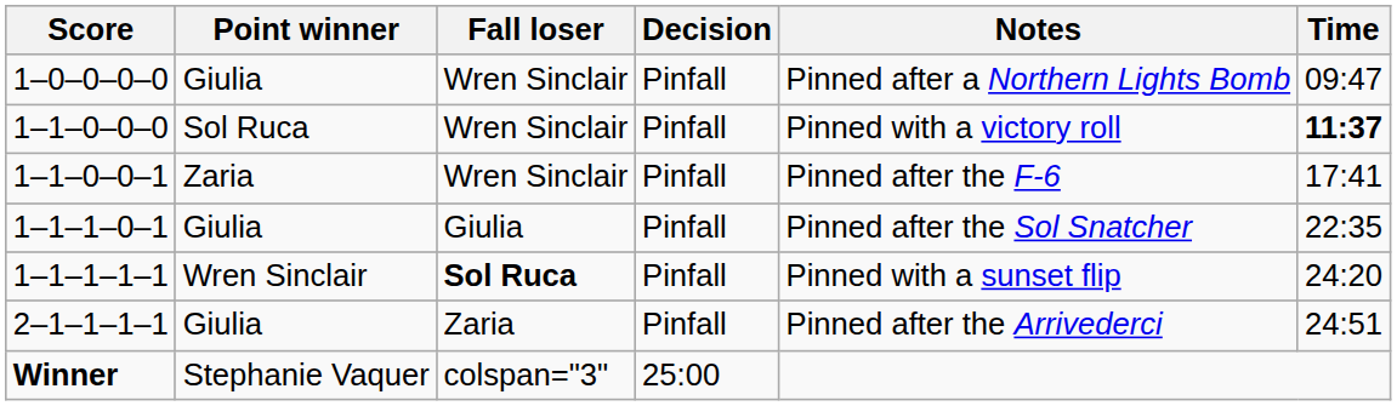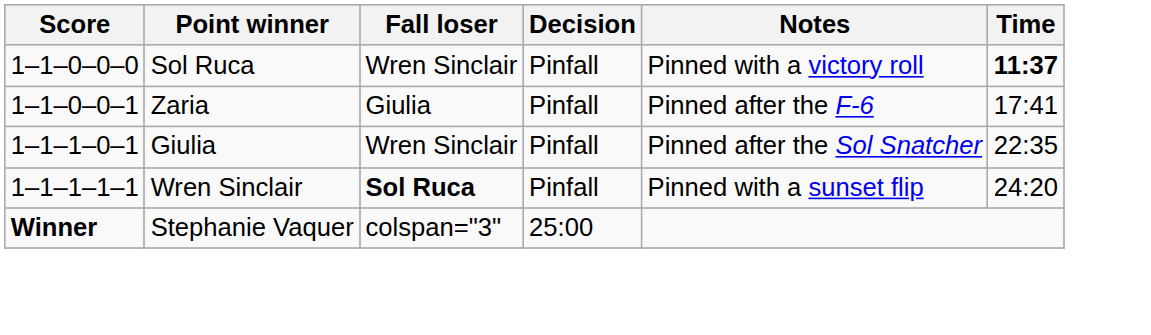 <table class="wikitable">
 <tr>
 <th>Score</th>
 <th>Point winner</th>
 <th>Fall loser</th>
 <th>Decision</th>
 <th>Notes</th>
 <th>Time</th>
-</tr>
-<tr>
-<td>1–0–0–0–0</td>
-<td>Giulia</td>
-<td>Wren Sinclair</td>
-<td>Pinfall</td>
-<td>Pinned after a <em><a href='#'>Northern Lights Bomb</a></em></td>
-<td>09:47</td>
 </tr>
 <tr>
 <td>1–1–0–0–0</td>
 <td>Sol Ruca</td>
 <td>Wren Sinclair</td>
 <td>Pinfall</td>
 <td>Pinned with a <a href='#'>victory roll</a></td>
 <td><strong>11:37</strong></td>
 </tr>
 <tr>
 <td>1–1–0–0–1</td>
 <td>Zaria</td>
-<td>Wren Sinclair</td>
+<td>Giulia</td>
 <td>Pinfall</td>
 <td>Pinned after the <em><a href='#'>F-6</a></em></td>
 <td>17:41</td>
 </tr>
 <tr>
 <td>1–1–1–0–1</td>
 <td>Giulia</td>
-<td>Giulia</td>
+<td>Wren Sinclair</td>
 <td>Pinfall</td>
 <td>Pinned after the <em><a href='#'>Sol Snatcher</a></em></td>
 <td>22:35</td>
 </tr>
 <tr>
 <td>1–1–1–1–1</td>
 <td>Wren Sinclair</td>
 <td><strong>Sol Ruca</strong></td>
 <td>Pinfall</td>
 <td>Pinned with a <a href='#'>sunset flip</a></td>
 <td>24:20</td>
 </tr>
 <tr>
-<td>2–1–1–1–1</td>
-<td>Giulia</td>
-<td>Zaria</td>
-<td>Pinfall</td>
-<td>Pinned after the <em><a href='#'>Arrivederci</a></em></td>
-<td>24:51</td>
-</tr>
-<tr>
 <td><strong>Winner</strong></td>
 <td>Stephanie Vaquer</td>
 <td>colspan="3" </td>
 <td>25:00</td>
 </tr>
 </table>
